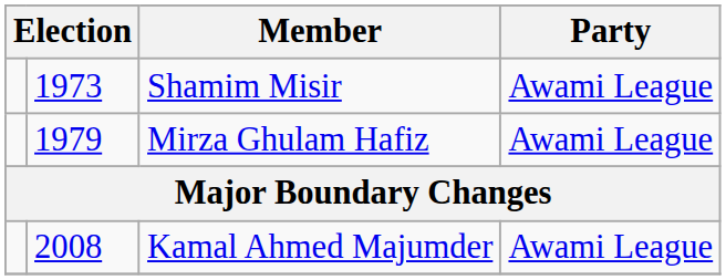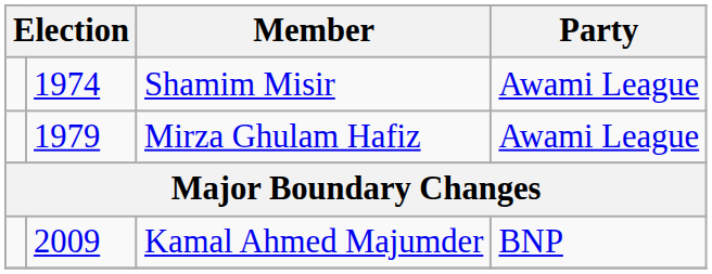 <table class="wikitable">
 <tr>
 <th colspan="2">Election</th>
 <th>Member</th>
 <th>Party</th>
 </tr>
 <tr>
 <td style="background-color:"></td>
-<td><a href='#'>1973</a></td>
+<td><a href='#'>1974</a></td>
 <td><a href='#'>Shamim Misir</a></td>
 <td><a href='#'>Awami League</a></td>
 </tr>
 <tr>
 <td style="background-color:"></td>
 <td><a href='#'>1979</a></td>
 <td><a href='#'>Mirza Ghulam Hafiz</a></td>
 <td><a href='#'>Awami League</a></td>
 </tr>
 <tr>
 <th colspan="4">Major Boundary Changes</th>
 </tr>
 <tr>
 <td style="background-color:"></td>
-<td><a href='#'>2008</a></td>
+<td><a href='#'>2009</a></td>
 <td><a href='#'>Kamal Ahmed Majumder</a></td>
-<td><a href='#'>Awami League</a></td>
+<td><a href='#'>BNP</a></td>
 </tr>
 <tr>
 </tr>
 </table>
